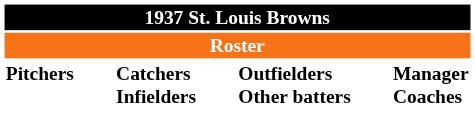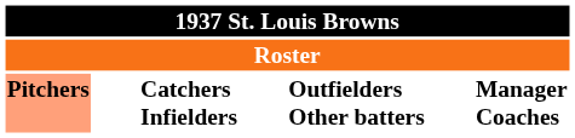 <table class="toccolours" style="font-size: 95%;">
 <tr>
 <th colspan="10" style="background-color: black; color: white; text-align: center;">1937 St. Louis Browns</th>
 </tr>
 <tr>
 <td colspan="10" style="background-color: #F87217; color: white; text-align: center;"><strong>Roster</strong></td>
 </tr>
 <tr>
-<td valign="top"><strong>Pitchers</strong><br>                   </td>
+<td valign="top" style="background: lightsalmon;"><strong>Pitchers</strong><br>                   </td>
 <td width="25px"></td>
 <td valign="top"><strong>Catchers</strong><br>     <strong>Infielders</strong>        </td>
 <td width="25px"></td>
 <td valign="top"><strong>Outfielders</strong><br>      <strong>Other batters</strong> </td>
 <td width="25px"></td>
 <td valign="top"><strong>Manager</strong><br>  <strong>Coaches</strong>  </td>
 </tr>
 <tr>
 </tr>
 </table>
